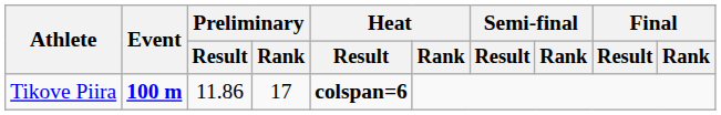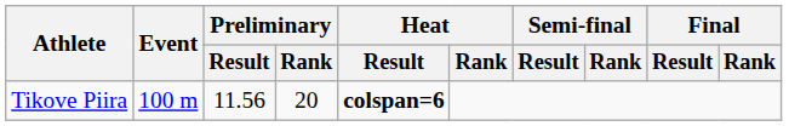 <table class=wikitable style=font-size:90%>
 <tr>
 <th rowspan=2>Athlete</th>
 <th rowspan=2>Event</th>
 <th colspan=2>Preliminary</th>
 <th colspan=2>Heat</th>
 <th colspan=2>Semi-final</th>
 <th colspan=2>Final</th>
 </tr>
 <tr style=font-size:95%>
 <th>Result</th>
 <th>Rank</th>
 <th>Result</th>
 <th>Rank</th>
 <th>Result</th>
 <th>Rank</th>
 <th>Result</th>
 <th>Rank</th>
 </tr>
 <tr align=center>
 <td align=left><a href='#'>Tikove Piira</a></td>
-<td align=left><strong><a href='#'>100 m</a></strong></td>
-<td>11.86</td>
-<td>17</td>
+<td align=left><a href='#'>100 m</a></td>
+<td>11.56</td>
+<td>20</td>
 <td><strong>colspan=6 </strong></td>
 </tr>
 </table>
